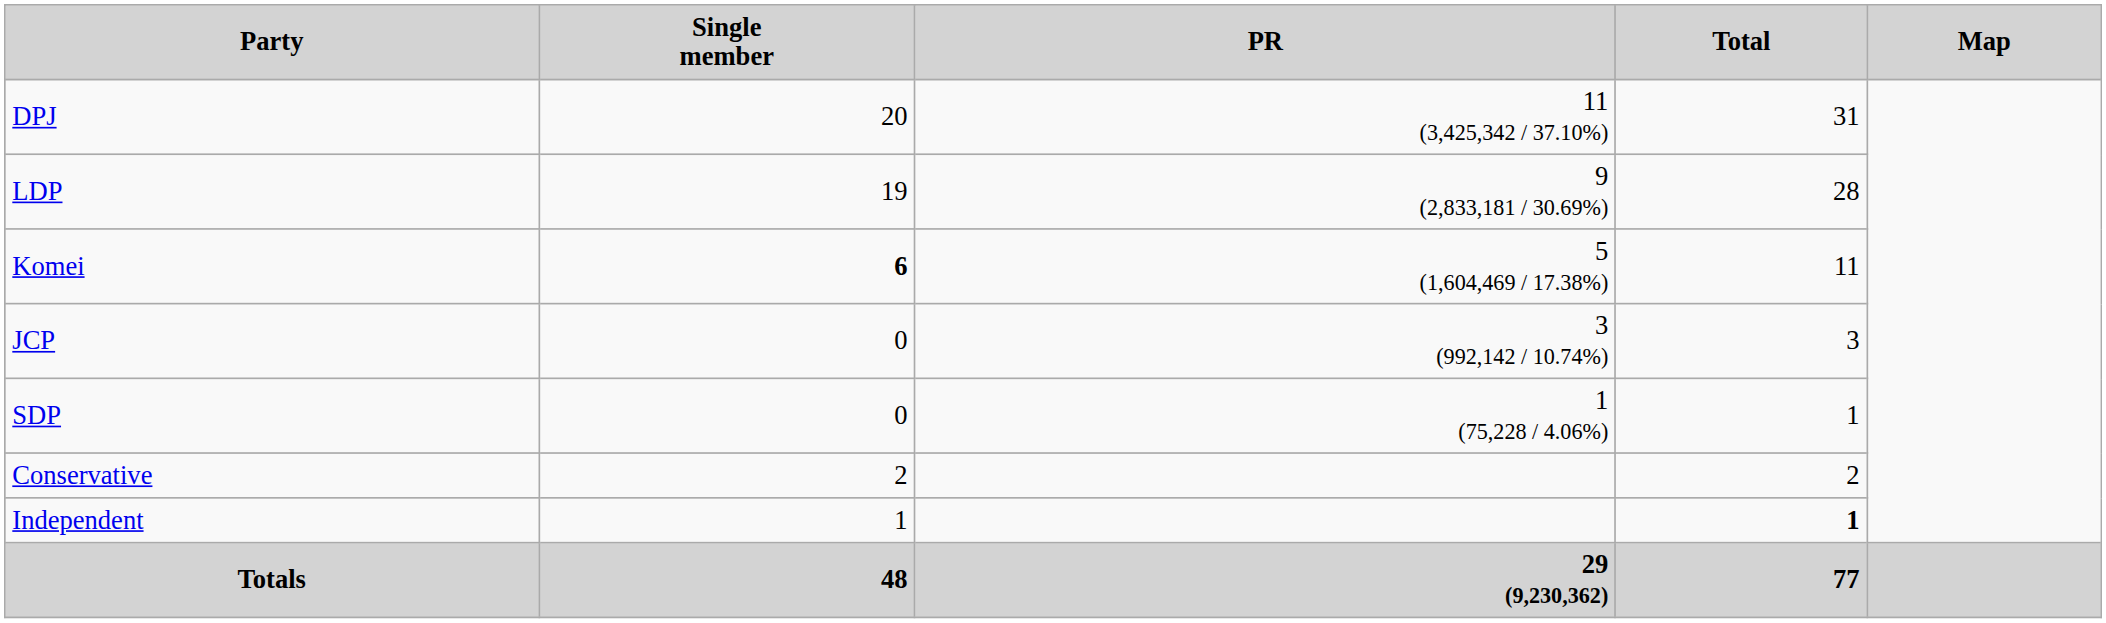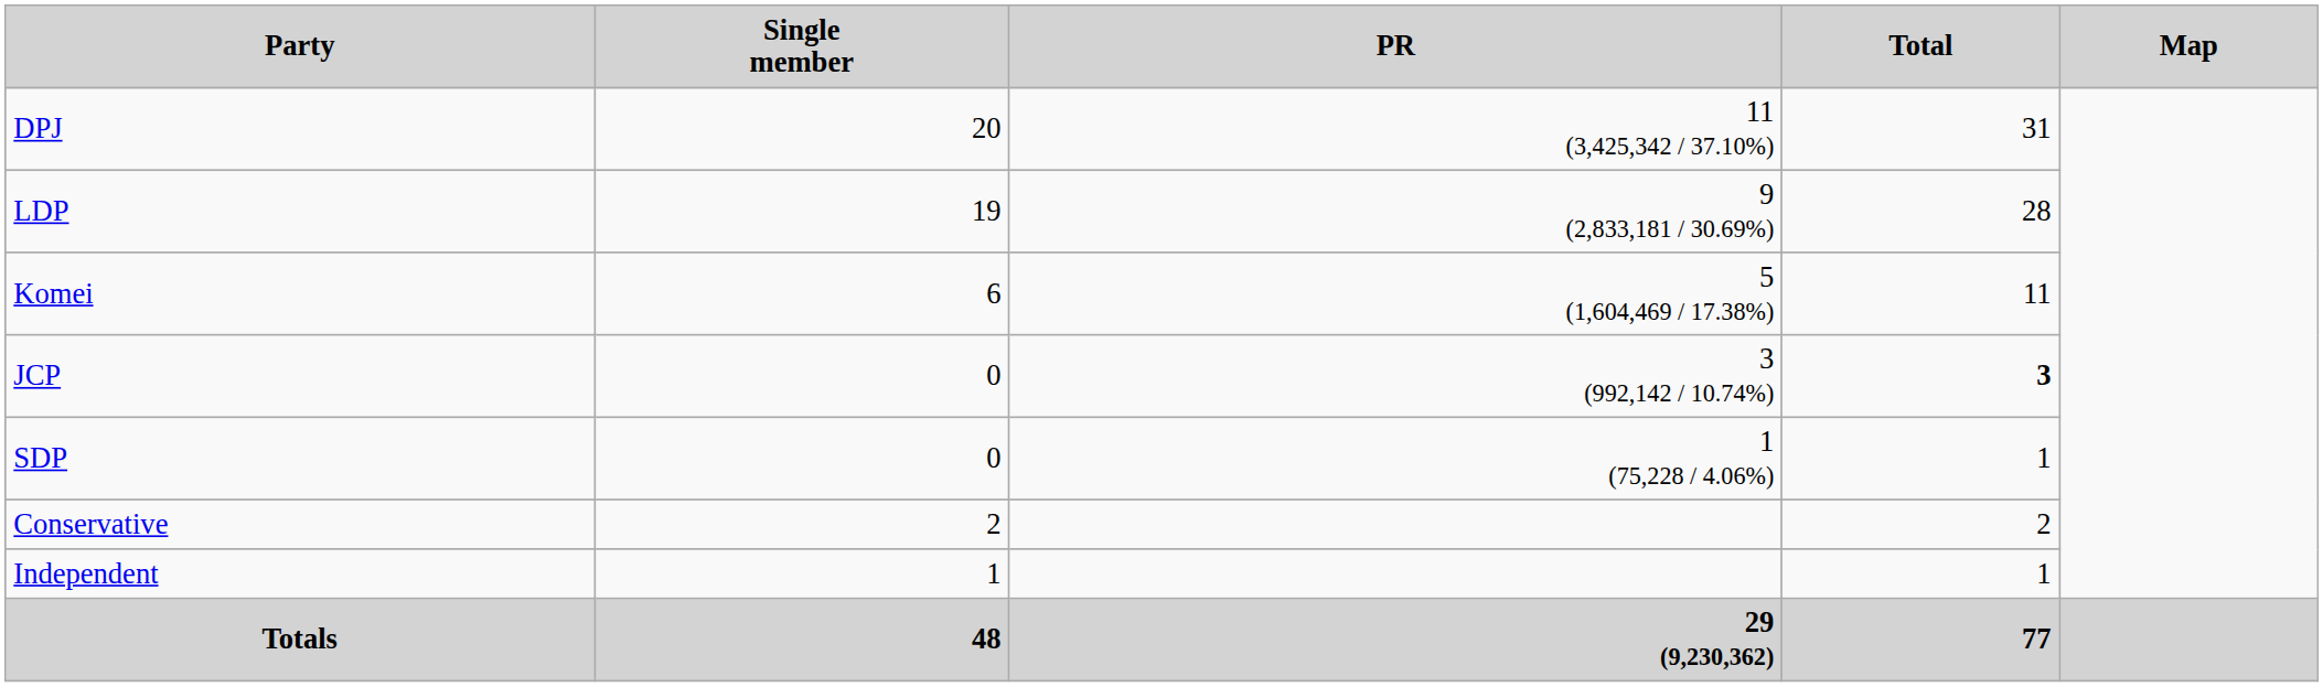 <table border="2" cellpadding="4" cellspacing="0" style="width:100%; margin:1em 1em 1em 0; background:#f9f9f9; border:1px #aaa solid; border-collapse:collapse;">
 <tr style="background:lightgrey;">
 <th>Party</th>
 <th>Single<br>member</th>
 <th>PR</th>
 <th>Total</th>
 <th>Map</th>
 </tr>
 <tr>
 <td><a href='#'>DPJ</a></td>
 <td style="text-align:right;">20</td>
 <td style="text-align:right;">11<br><small>(3,425,342 / 37.10%)</small></td>
 <td style="text-align:right;">31</td>
 <td rowspan=7></td>
 </tr>
 <tr>
 <td><a href='#'>LDP</a></td>
 <td style="text-align:right;">19</td>
 <td style="text-align:right;">9<br><small>(2,833,181 / 30.69%)</small></td>
 <td style="text-align:right;">28</td>
 </tr>
 <tr>
 <td><a href='#'>Komei</a></td>
-<td style="text-align:right;"><strong>6</strong></td>
+<td style="text-align:right;">6</td>
 <td style="text-align:right;">5<br><small>(1,604,469 / 17.38%)</small></td>
 <td style="text-align:right;">11</td>
 </tr>
 <tr>
 <td><a href='#'>JCP</a></td>
 <td style="text-align:right;">0</td>
 <td style="text-align:right;">3<br><small>(992,142	/ 10.74%)</small></td>
-<td style="text-align:right;">3</td>
+<td style="text-align:right;"><strong>3</strong></td>
 </tr>
 <tr>
 <td><a href='#'>SDP</a></td>
 <td style="text-align:right;">0</td>
 <td style="text-align:right;">1<br><small>(75,228 / 4.06%)</small></td>
 <td style="text-align:right;">1</td>
 </tr>
 <tr>
 <td><a href='#'>Conservative</a></td>
 <td style="text-align:right;">2</td>
 <td style="text-align:right;"></td>
 <td style="text-align:right;">2</td>
 </tr>
 <tr>
 <td><a href='#'>Independent</a></td>
 <td style="text-align:right;">1</td>
 <td style="text-align:right;"></td>
-<td style="text-align:right;"><strong>1</strong></td>
+<td style="text-align:right;">1</td>
 </tr>
 <tr style="background:lightgrey;">
 <th><strong>Totals</strong></th>
 <th style="text-align:right;">48</th>
 <th style="text-align:right;">29<br><small>(9,230,362)</small></th>
 <th style="text-align:right;">77</th>
 <th></th>
 </tr>
 </table>
